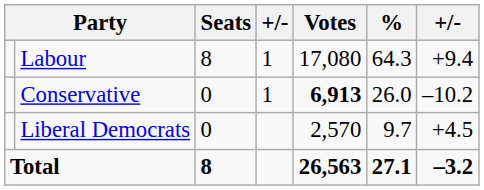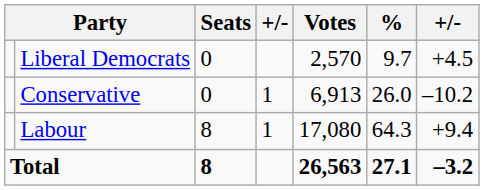 <table class="wikitable sortable">
 <tr>
 <th colspan="2">Party</th>
 <th>Seats</th>
 <th>+/-</th>
 <th>Votes</th>
 <th>%</th>
 <th>+/-</th>
 </tr>
 <tr>
 <td style="background-color: "></td>
+<td><a href='#'>Liberal Democrats</a></td>
+<td>0</td>
+<td></td>
+<td style="text-align:right;">2,570</td>
+<td style="text-align:right;">9.7</td>
+<td style="text-align:right;">+4.5</td>
+</tr>
+<tr>
+<td style="background-color: "></td>
+<td><a href='#'>Conservative</a></td>
+<td>0</td>
+<td> 1</td>
+<td style="text-align:right;">6,913</td>
+<td style="text-align:right;">26.0</td>
+<td style="text-align:right;">–10.2</td>
+</tr>
+<tr>
+<td style="background-color: "></td>
 <td><a href='#'>Labour</a></td>
 <td>8</td>
 <td> 1</td>
 <td style="text-align:right;">17,080</td>
 <td style="text-align:right;">64.3</td>
 <td style="text-align:right;">+9.4</td>
-</tr>
-<tr>
-<td style="background-color: "></td>
-<td><a href='#'>Conservative</a></td>
-<td>0</td>
-<td> 1</td>
-<td style="text-align:right;"><strong>6,913</strong></td>
-<td style="text-align:right;">26.0</td>
-<td style="text-align:right;">–10.2</td>
-</tr>
-<tr>
-<td style="background-color: "></td>
-<td><a href='#'>Liberal Democrats</a></td>
-<td>0</td>
-<td></td>
-<td style="text-align:right;">2,570</td>
-<td style="text-align:right;">9.7</td>
-<td style="text-align:right;">+4.5</td>
 </tr>
 <tr>
 <td colspan="2"><strong>Total</strong></td>
 <td><strong>8</strong></td>
 <td></td>
 <td style="text-align:right;"><strong>26,563</strong></td>
 <td style="text-align:right;"><strong>27.1</strong></td>
 <td style="text-align:right;"><strong>–3.2</strong></td>
 </tr>
 </table>
